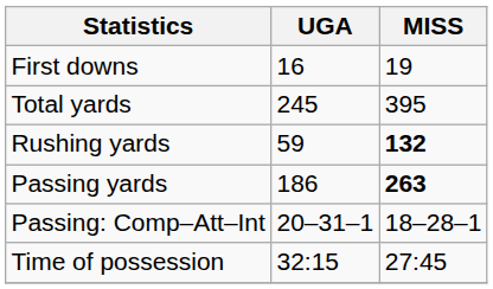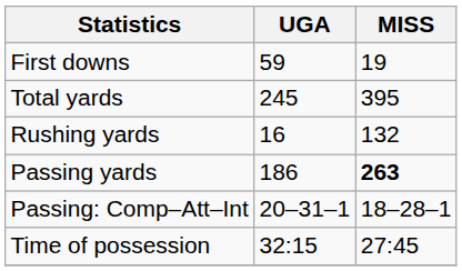 <table class="wikitable" style="float: left;">
 <tr>
 <th>Statistics</th>
 <th>UGA</th>
 <th>MISS</th>
 </tr>
 <tr>
 <td>First downs</td>
-<td>16</td>
+<td>59</td>
 <td>19</td>
 </tr>
 <tr>
 <td>Total yards</td>
 <td>245</td>
 <td>395</td>
 </tr>
 <tr>
 <td>Rushing yards</td>
-<td>59</td>
-<td><strong>132</strong></td>
+<td>16</td>
+<td>132</td>
 </tr>
 <tr>
 <td>Passing yards</td>
 <td>186</td>
 <td><strong>263</strong></td>
 </tr>
 <tr>
 <td>Passing: Comp–Att–Int</td>
 <td>20–31–1</td>
 <td>18–28–1</td>
 </tr>
 <tr>
 <td>Time of possession</td>
 <td>32:15</td>
 <td>27:45</td>
 </tr>
 <tr>
 </tr>
 </table>
